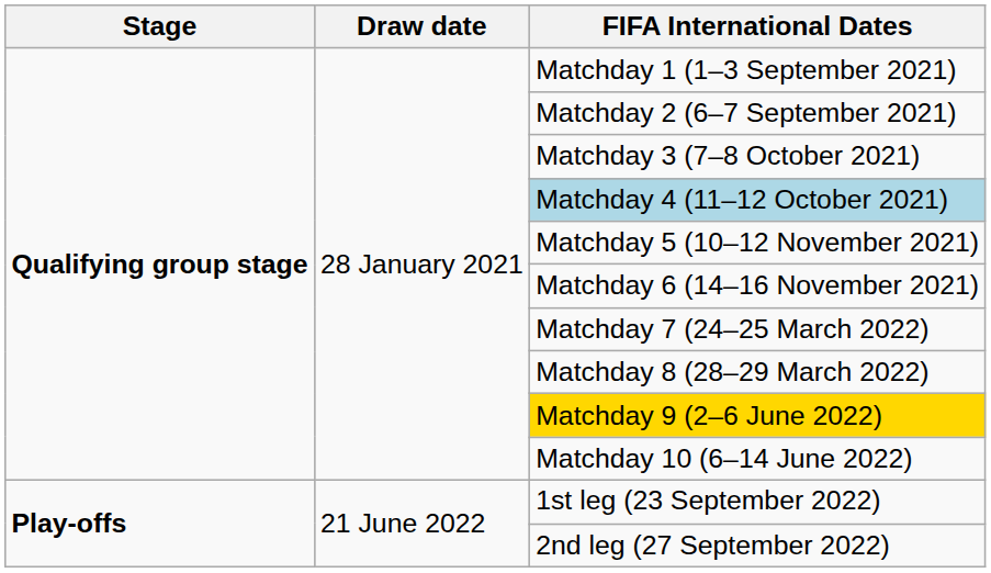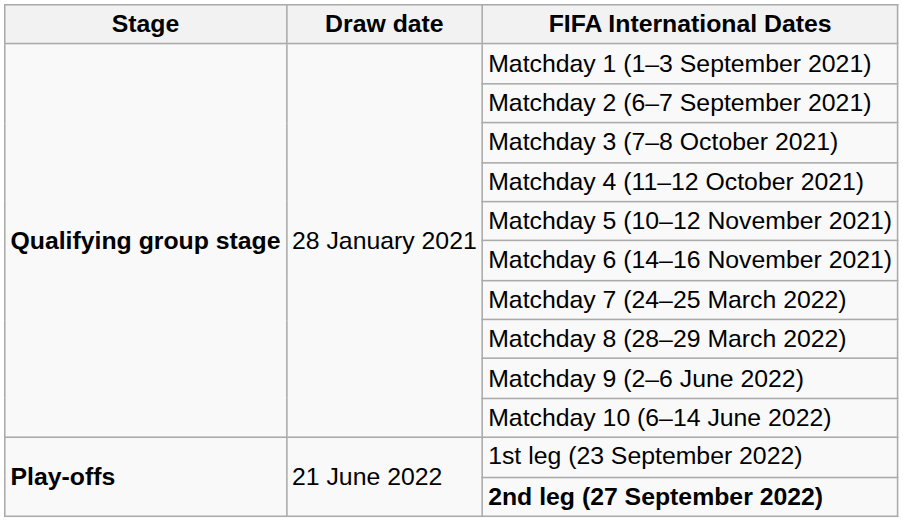 <table class="wikitable">
 <tr>
 <th>Stage</th>
 <th>Draw date</th>
 <th>FIFA International Dates</th>
 </tr>
 <tr>
 <td rowspan="10"><strong>Qualifying group stage</strong></td>
 <td rowspan="10">28 January 2021</td>
 <td>Matchday 1 (1–3 September 2021)</td>
 </tr>
 <tr>
 <td>Matchday 2 (6–7 September 2021)</td>
 </tr>
 <tr>
 <td>Matchday 3 (7–8 October 2021)</td>
 </tr>
 <tr>
-<td style="background: lightblue;">Matchday 4 (11–12 October 2021)</td>
+<td>Matchday 4 (11–12 October 2021)</td>
 </tr>
 <tr>
 <td>Matchday 5 (10–12 November 2021)</td>
 </tr>
 <tr>
 <td>Matchday 6 (14–16 November 2021)</td>
 </tr>
 <tr>
 <td>Matchday 7 (24–25 March 2022)</td>
 </tr>
 <tr>
 <td>Matchday 8 (28–29 March 2022)</td>
 </tr>
 <tr>
-<td style="background: gold;">Matchday 9 (2–6 June 2022)</td>
+<td>Matchday 9 (2–6 June 2022)</td>
 </tr>
 <tr>
 <td>Matchday 10 (6–14 June 2022)</td>
 </tr>
 <tr>
 <td rowspan="2"><strong>Play-offs</strong></td>
 <td rowspan="2">21 June 2022</td>
 <td>1st leg (23 September 2022)</td>
 </tr>
 <tr>
-<td>2nd leg (27 September 2022)</td>
+<td><strong>2nd leg (27 September 2022)</strong></td>
 </tr>
 </table>
